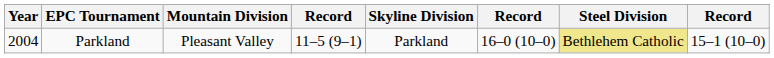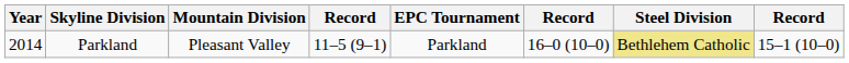 <table class="wikitable" style="text-align:center">
 <tr>
 <th>Year</th>
-<th>EPC Tournament</th>
+<th>Skyline Division</th>
 <th>Mountain Division</th>
 <th>Record</th>
-<th>Skyline Division</th>
+<th>EPC Tournament</th>
 <th>Record</th>
 <th>Steel Division</th>
 <th>Record</th>
 </tr>
 <tr>
-<td>2004</td>
+<td>2014</td>
 <td>Parkland</td>
 <td>Pleasant Valley</td>
 <td>11–5 (9–1)</td>
 <td>Parkland</td>
 <td>16–0 (10–0)</td>
 <td style="background: khaki;">Bethlehem Catholic</td>
 <td>15–1 (10–0)</td>
 </tr>
 </table>
